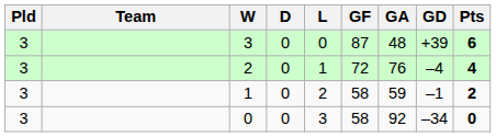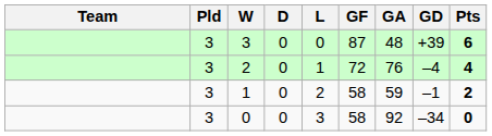 <table class="wikitable" style="text-align: center;">
 <tr>
+<th width="180">Team</th>
 <th width="30">Pld</th>
-<th width="180">Team</th>
 <th width="30">W</th>
 <th width="30">D</th>
 <th width="30">L</th>
 <th width="30">GF</th>
 <th width="30">GA</th>
 <th width="30">GD</th>
 <th width="30">Pts</th>
 </tr>
 <tr bgcolor=#CCFFCC>
+<td align="left"></td>
 <td>3</td>
-<td align="left"></td>
 <td>3</td>
 <td>0</td>
 <td>0</td>
 <td>87</td>
 <td>48</td>
 <td>+39</td>
 <td><strong>6</strong></td>
 </tr>
 <tr bgcolor=#CCFFCC>
+<td align="left"></td>
 <td>3</td>
-<td align="left"></td>
 <td>2</td>
 <td>0</td>
 <td>1</td>
 <td>72</td>
 <td>76</td>
 <td>–4</td>
 <td><strong>4</strong></td>
 </tr>
 <tr>
+<td align="left"></td>
 <td>3</td>
-<td align="left"></td>
 <td>1</td>
 <td>0</td>
 <td>2</td>
 <td>58</td>
 <td>59</td>
 <td>–1</td>
 <td><strong>2</strong></td>
 </tr>
 <tr>
+<td align="left"></td>
 <td>3</td>
-<td align="left"></td>
 <td>0</td>
 <td>0</td>
 <td>3</td>
 <td>58</td>
 <td>92</td>
 <td>–34</td>
 <td><strong>0</strong></td>
 </tr>
 </table>
